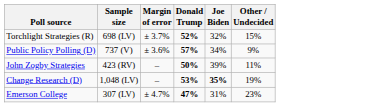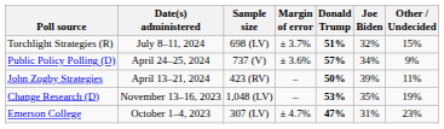 <table class="wikitable sortable mw-datatable" style="font-size:90%;text-align:center;line-height:17px">
 <tr valign=bottom>
 <th>Poll source</th>
+<th>Date(s)<br>administered</th>
 <th>Sample<br>size</th>
 <th>Margin<br>of error</th>
 <th class="unsortable">Donald<br>Trump<br></th>
 <th class="unsortable">Joe<br>Biden<br></th>
 <th class="unsortable">Other /<br>Undecided</th>
 </tr>
 <tr>
 <td style="text-align:left;">Torchlight Strategies (R)</td>
+<td>July 8–11, 2024</td>
 <td>698 (LV)</td>
 <td>± 3.7%</td>
-<td style="background-color:"><strong>52%</strong></td>
+<td style="background-color:"><strong>51%</strong></td>
 <td>32%</td>
 <td>15%</td>
 </tr>
 <tr>
 <td style="text-align:left;"><a href='#'>Public Policy Polling (D)</a></td>
+<td>April 24–25, 2024</td>
 <td>737 (V)</td>
 <td>± 3.6%</td>
 <td style="background-color:"><strong>57%</strong></td>
 <td>34%</td>
 <td>9%</td>
 </tr>
 <tr>
 <td style="text-align:left;"><a href='#'>John Zogby Strategies</a></td>
+<td data-sort-value="2024-05-01">April 13–21, 2024</td>
 <td>423 (RV)</td>
 <td>–</td>
 <td style="background-color:"><strong>50%</strong></td>
 <td>39%</td>
 <td>11%</td>
 </tr>
 <tr>
 <td style="text-align:left;"><a href='#'>Change Research (D)</a></td>
+<td>November 13–16, 2023</td>
 <td>1,048 (LV)</td>
 <td>–</td>
 <td style="background-color:"><strong>53%</strong></td>
-<td><strong>35%</strong></td>
+<td>35%</td>
 <td>19%</td>
 </tr>
 <tr>
 <td style="text-align:left;"><a href='#'>Emerson College</a></td>
+<td>October 1–4, 2023</td>
 <td>307 (LV)</td>
 <td>± 4.7%</td>
 <td style="background-color:"><strong>47%</strong></td>
 <td>31%</td>
 <td>23%</td>
 </tr>
 </table>
